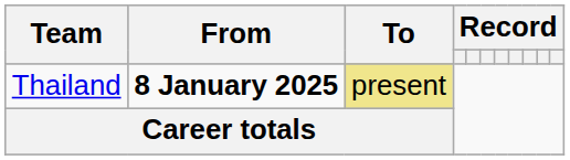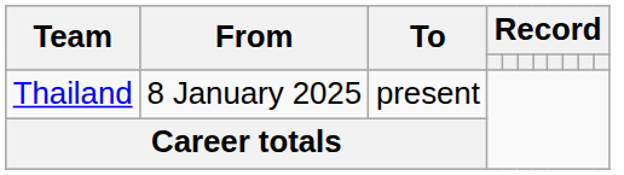 <table class="wikitable" style="text-align: center">
 <tr>
 <th rowspan=2>Team</th>
 <th rowspan=2>From</th>
 <th rowspan=2>To</th>
 <th colspan=8>Record</th>
 </tr>
 <tr>
 <th></th>
 <th></th>
 <th></th>
 <th></th>
 <th></th>
 <th></th>
 <th></th>
 <th></th>
 </tr>
 <tr>
 <td><a href='#'>Thailand</a></td>
-<td><strong>8 January 2025</strong></td>
-<td style="background: khaki;">present<br></td>
+<td>8 January 2025</td>
+<td>present<br></td>
 </tr>
 <tr>
 <th colspan=3>Career totals<br></th>
 </tr>
 </table>
